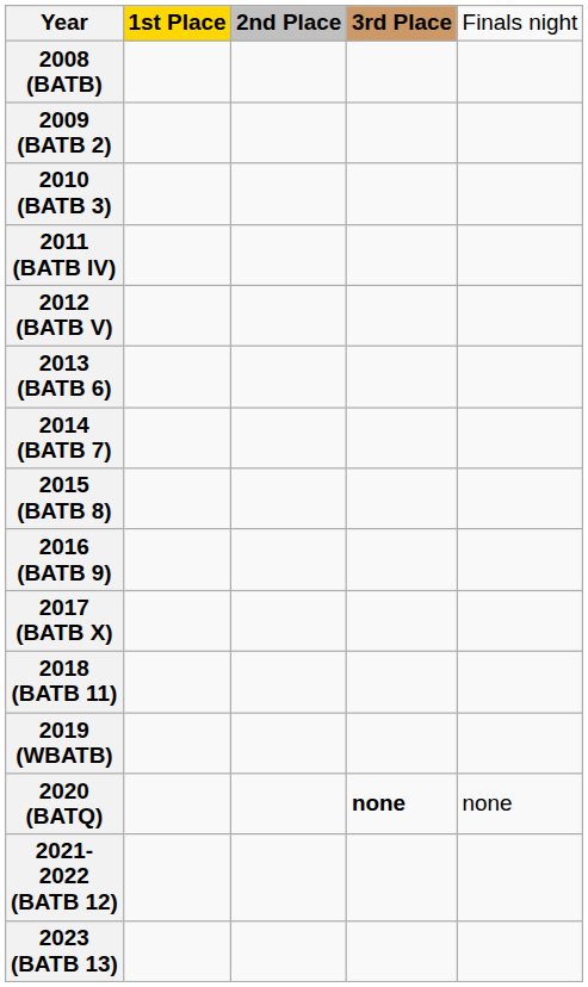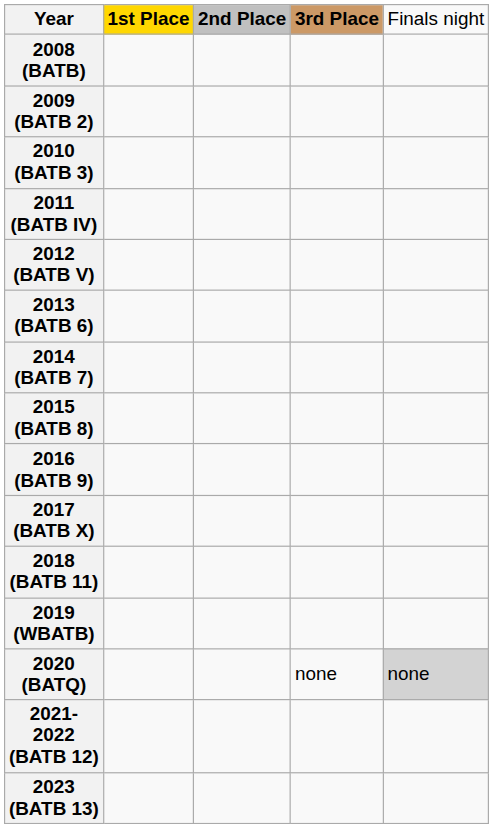 <table class="wikitable">
 <tr>
 <th align="center">Year</th>
 <td align="center"  bgcolor="gold"><strong>1st Place</strong></td>
 <td align="center"  bgcolor="silver"><strong>2nd Place</strong></td>
 <td align="center"  bgcolor="#CC9966"><strong>3rd Place</strong></td>
 <td align="center">Finals night</td>
 </tr>
 <tr>
 <th>2008<br>(BATB)</th>
 <td></td>
 <td></td>
 <td></td>
 <td></td>
 </tr>
 <tr>
 <th>2009<br>(BATB 2)</th>
 <td></td>
 <td></td>
 <td></td>
 <td></td>
 </tr>
 <tr>
 <th>2010<br>(BATB 3)</th>
 <td></td>
 <td></td>
 <td></td>
 <td></td>
 </tr>
 <tr>
 <th>2011<br>(BATB IV)</th>
 <td></td>
 <td></td>
 <td></td>
 <td></td>
 </tr>
 <tr>
 <th>2012<br>(BATB V)</th>
 <td></td>
 <td></td>
 <td></td>
 <td></td>
 </tr>
 <tr>
 <th>2013<br>(BATB 6)</th>
 <td></td>
 <td></td>
 <td></td>
 <td></td>
 </tr>
 <tr>
 <th>2014<br>(BATB 7)</th>
 <td></td>
 <td></td>
 <td></td>
 <td></td>
 </tr>
 <tr>
 <th>2015<br>(BATB 8)</th>
 <td></td>
 <td></td>
 <td></td>
 <td></td>
 </tr>
 <tr>
 <th>2016<br>(BATB 9)</th>
 <td></td>
 <td></td>
 <td></td>
 <td></td>
 </tr>
 <tr>
 <th>2017<br>(BATB X)</th>
 <td></td>
 <td></td>
 <td></td>
 <td></td>
 </tr>
 <tr>
 <th>2018<br>(BATB 11)</th>
 <td></td>
 <td></td>
 <td></td>
 <td></td>
 </tr>
 <tr>
 <th>2019<br>(WBATB)</th>
 <td></td>
 <td></td>
 <td></td>
 <td></td>
 </tr>
 <tr>
 <th>2020<br>(BATQ)</th>
 <td></td>
 <td></td>
-<td><strong>none</strong></td>
 <td>none</td>
+<td style="background: lightgrey;">none</td>
 </tr>
 <tr>
 <th>2021-<br>2022<br>(BATB 12)</th>
 <td></td>
 <td></td>
 <td></td>
 <td></td>
 </tr>
 <tr>
 <th>2023<br>(BATB 13)</th>
 <td></td>
 <td></td>
 <td></td>
 <td></td>
 </tr>
 </table>
